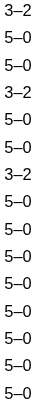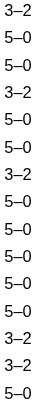 <table style="font-size:90%">
 <tr>
 <th width="150"></th>
 <th width="100"></th>
 <th width="150"></th>
 </tr>
 <tr>
 <td align="right"><strong></strong></td>
 <td align="center">3–2</td>
 <td></td>
 </tr>
 <tr>
 <td></td>
 <td></td>
 <td></td>
 </tr>
 <tr>
 <td align="right"><strong></strong></td>
 <td align="center">5–0</td>
 <td></td>
 </tr>
 <tr>
 <td></td>
 <td></td>
 <td></td>
 </tr>
 <tr>
 <td align="right"><strong></strong></td>
 <td align="center">5–0</td>
 <td></td>
 </tr>
 <tr>
 <td></td>
 <td></td>
 <td></td>
 </tr>
 <tr>
 <td align="right"><strong></strong></td>
 <td align="center">3–2</td>
 <td></td>
 </tr>
 <tr>
 <td></td>
 <td></td>
 <td></td>
 </tr>
 <tr>
 <td align="right"><strong></strong></td>
 <td align="center">5–0</td>
 <td></td>
 </tr>
 <tr>
 <td></td>
 <td></td>
 <td></td>
 </tr>
 <tr>
 <td align="right"><strong></strong></td>
 <td align="center">5–0</td>
 <td></td>
 </tr>
 <tr>
 <td></td>
 <td></td>
 <td></td>
 </tr>
 <tr>
 <td align="right"><strong></strong></td>
 <td align="center">3–2</td>
 <td></td>
 </tr>
 <tr>
 <td></td>
 <td></td>
 <td></td>
 </tr>
 <tr>
 <td align="right"><strong></strong></td>
 <td align="center">5–0</td>
 <td></td>
 </tr>
 <tr>
 <td></td>
 <td></td>
 <td></td>
 </tr>
 <tr>
 <td align="right"><strong></strong></td>
 <td align="center">5–0</td>
 <td></td>
 </tr>
 <tr>
 <td></td>
 <td></td>
 <td></td>
 </tr>
 <tr>
 <td align="right"><strong></strong></td>
 <td align="center">5–0</td>
 <td></td>
 </tr>
 <tr>
 <td></td>
 <td></td>
 <td></td>
 </tr>
 <tr>
 <td align="right"><strong></strong></td>
 <td align="center">5–0</td>
 <td></td>
 </tr>
 <tr>
 <td></td>
 <td></td>
 <td></td>
 </tr>
 <tr>
 <td align="right"><strong></strong></td>
 <td align="center">5–0</td>
 <td></td>
 </tr>
 <tr>
 <td></td>
 <td></td>
 <td></td>
 </tr>
 <tr>
 <td align="right"><strong></strong></td>
-<td align="center">5–0</td>
+<td align="center">3–2</td>
 <td></td>
 </tr>
 <tr>
 <td></td>
 <td></td>
 <td></td>
 </tr>
 <tr>
 <td align="right"><strong></strong></td>
-<td align="center">5–0</td>
+<td align="center">3–2</td>
 <td></td>
 </tr>
 <tr>
 <td></td>
 <td></td>
 <td></td>
 </tr>
 <tr>
 <td align="right"><strong></strong></td>
 <td align="center">5–0</td>
 <td></td>
 </tr>
 <tr>
 <td></td>
 <td></td>
 <td></td>
 </tr>
 <tr>
 </tr>
 </table>
